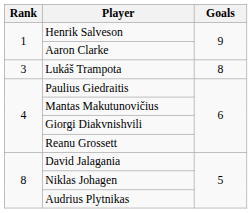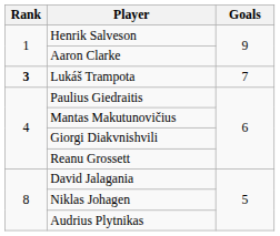 <table class="wikitable" style="text-align:center">
 <tr>
 <th width=45>Rank</th>
 <th width=200>Player</th>
 <th width=65>Goals</th>
 </tr>
 <tr>
 <td rowspan=2>1</td>
 <td style="text-align:left"> Henrik Salveson</td>
 <td rowspan=2>9</td>
 </tr>
 <tr>
 <td style="text-align:left"> Aaron Clarke</td>
 </tr>
 <tr>
-<td>3</td>
+<td><strong>3</strong></td>
 <td style="text-align:left"> Lukáš Trampota</td>
-<td>8</td>
+<td>7</td>
 </tr>
 <tr>
 <td rowspan=4>4</td>
 <td style="text-align:left"> Paulius Giedraitis</td>
 <td rowspan=4>6</td>
 </tr>
 <tr>
 <td style="text-align:left"> Mantas Makutunovičius</td>
 </tr>
 <tr>
 <td style="text-align:left"> Giorgi Diakvnishvili</td>
 </tr>
 <tr>
 <td style="text-align:left"> Reanu Grossett</td>
 </tr>
 <tr>
 <td rowspan=3>8</td>
 <td style="text-align:left"> David Jalagania</td>
 <td rowspan=3>5</td>
 </tr>
 <tr>
 <td style="text-align:left"> Niklas Johagen</td>
 </tr>
 <tr>
 <td style="text-align:left"> Audrius Plytnikas</td>
 </tr>
 </table>
